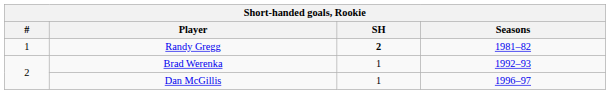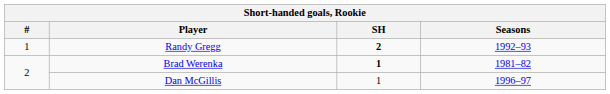 <table class="wikitable" style="text-align: center; font-size: 95%" width="70%">
 <tr>
 <th colspan="4">Short-handed goals, Rookie</th>
 </tr>
 <tr>
 <th>#</th>
 <th>Player</th>
 <th>SH</th>
 <th>Seasons</th>
 </tr>
 <tr>
 <td>1</td>
 <td><a href='#'>Randy Gregg</a></td>
 <td><strong>2</strong></td>
-<td><a href='#'>1981–82</a></td>
+<td><a href='#'>1992–93</a></td>
 </tr>
 <tr>
 <td rowspan="2">2</td>
 <td><a href='#'>Brad Werenka</a></td>
-<td>1</td>
-<td><a href='#'>1992–93</a></td>
+<td><strong>1</strong></td>
+<td><a href='#'>1981–82</a></td>
 </tr>
 <tr>
 <td><a href='#'>Dan McGillis</a></td>
 <td>1</td>
 <td><a href='#'>1996–97</a></td>
 </tr>
 </table>
